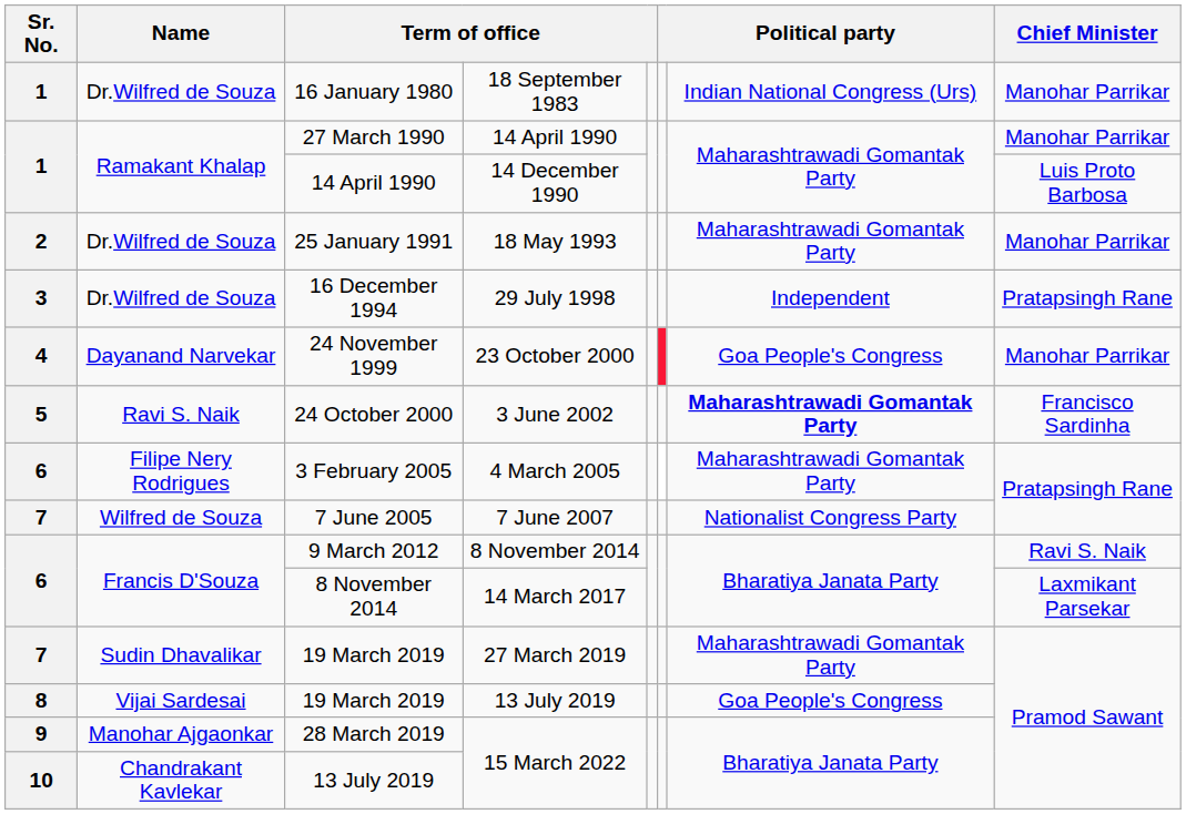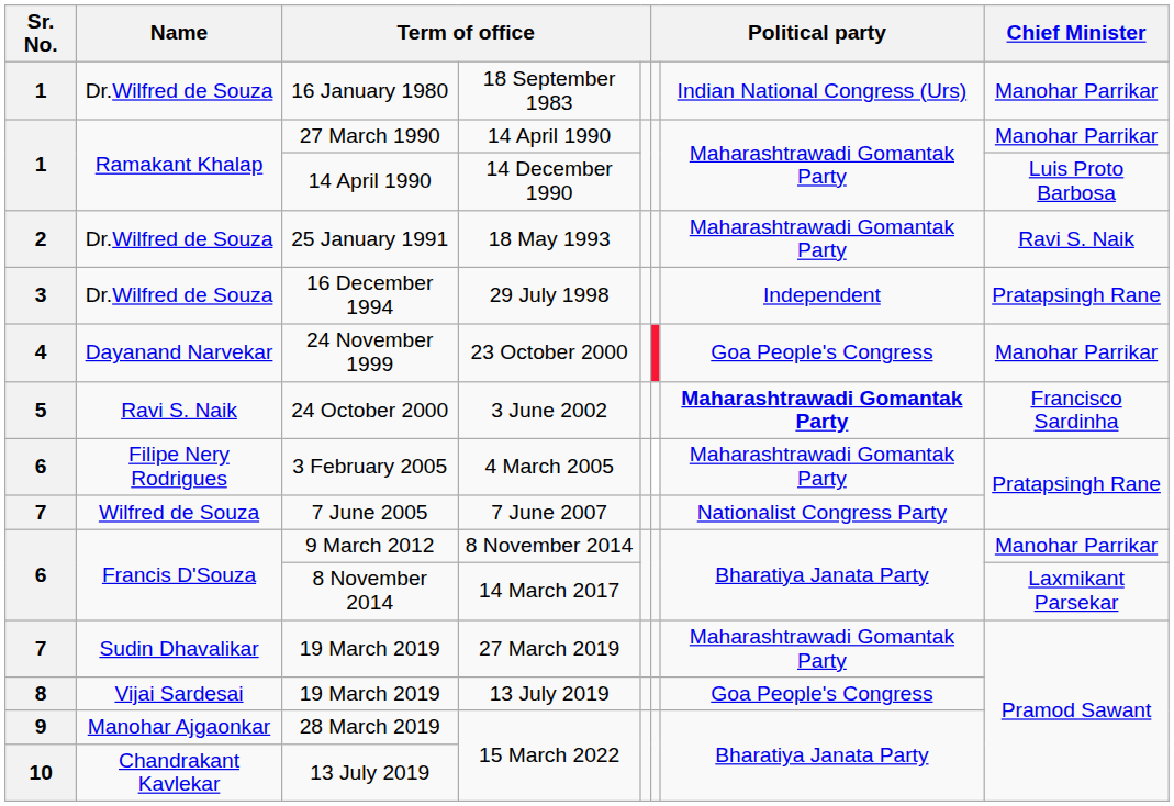 <table class="wikitable" style="width:100%; text-align:center">
 <tr>
 <th>Sr. No.</th>
 <th>Name</th>
 <th colspan=3>Term of office</th>
 <th colspan=2>Political party</th>
 <th><a href='#'>Chief Minister</a></th>
 </tr>
 <tr>
 <th>1</th>
 <td>Dr.<a href='#'>Wilfred de Souza</a></td>
 <td>16 January 1980</td>
 <td>18 September 1983</td>
 <td></td>
 <td></td>
 <td><a href='#'>Indian National Congress (Urs)</a></td>
 <td><a href='#'>Manohar Parrikar</a></td>
 </tr>
 <tr>
 <th rowspan=2>1</th>
 <td rowspan=2><a href='#'>Ramakant Khalap</a></td>
 <td>27 March 1990</td>
 <td>14 April 1990</td>
 <td rowspan=2></td>
 <td rowspan=2></td>
 <td rowspan=2><a href='#'>Maharashtrawadi Gomantak Party</a></td>
 <td><a href='#'>Manohar Parrikar</a></td>
 </tr>
 <tr>
 <td>14 April 1990</td>
 <td>14 December 1990</td>
 <td><a href='#'>Luis Proto Barbosa</a></td>
 </tr>
 <tr>
 <th>2</th>
 <td>Dr.<a href='#'>Wilfred de Souza</a></td>
 <td>25 January 1991</td>
 <td>18 May 1993</td>
 <td></td>
 <td></td>
 <td><a href='#'>Maharashtrawadi Gomantak Party</a></td>
-<td><a href='#'>Manohar Parrikar</a></td>
+<td><a href='#'>Ravi S. Naik</a></td>
 </tr>
 <tr>
 <th>3</th>
 <td>Dr.<a href='#'>Wilfred de Souza</a></td>
 <td>16 December 1994</td>
 <td>29 July 1998</td>
 <td></td>
 <td></td>
 <td><a href='#'>Independent</a></td>
 <td><a href='#'>Pratapsingh Rane</a></td>
 </tr>
 <tr>
 <th>4</th>
 <td><a href='#'>Dayanand Narvekar</a></td>
 <td>24 November 1999</td>
 <td>23 October 2000</td>
 <td></td>
 <td bgcolor=#FA1635></td>
 <td><a href='#'>Goa People's Congress</a></td>
 <td><a href='#'>Manohar Parrikar</a></td>
 </tr>
 <tr>
 <th>5</th>
 <td><a href='#'>Ravi S. Naik</a></td>
 <td>24 October 2000</td>
 <td>3 June 2002</td>
 <td></td>
 <td></td>
 <td><strong><a href='#'>Maharashtrawadi Gomantak Party</a></strong></td>
 <td><a href='#'>Francisco Sardinha</a></td>
 </tr>
 <tr>
 <th>6</th>
 <td><a href='#'>Filipe Nery Rodrigues</a></td>
 <td>3 February 2005</td>
 <td>4 March 2005</td>
 <td></td>
 <td bgcolor=white></td>
 <td><a href='#'>Maharashtrawadi Gomantak Party</a></td>
 <td rowspan=2><a href='#'>Pratapsingh Rane</a></td>
 </tr>
 <tr>
 <th>7</th>
 <td><a href='#'>Wilfred de Souza</a></td>
 <td>7 June 2005</td>
 <td>7 June 2007</td>
 <td></td>
 <td></td>
 <td><a href='#'>Nationalist Congress Party</a></td>
 </tr>
 <tr>
 <th rowspan=2>6</th>
 <td rowspan=2><a href='#'>Francis D'Souza</a></td>
 <td>9 March 2012</td>
 <td>8 November 2014</td>
 <td rowspan=2></td>
 <td rowspan=2></td>
 <td rowspan=2><a href='#'>Bharatiya Janata Party</a></td>
-<td><a href='#'>Ravi S. Naik</a></td>
+<td><a href='#'>Manohar Parrikar</a></td>
 </tr>
 <tr>
 <td>8 November 2014</td>
 <td>14 March 2017</td>
 <td><a href='#'>Laxmikant Parsekar</a></td>
 </tr>
 <tr>
 <th>7</th>
 <td><a href='#'>Sudin Dhavalikar</a></td>
 <td>19 March 2019</td>
 <td>27 March 2019</td>
 <td></td>
 <td></td>
 <td><a href='#'>Maharashtrawadi Gomantak Party</a></td>
 <td rowspan=4><a href='#'>Pramod Sawant</a></td>
 </tr>
 <tr>
 <th>8</th>
 <td><a href='#'>Vijai Sardesai</a></td>
 <td>19 March 2019</td>
 <td>13 July 2019</td>
 <td></td>
 <td></td>
 <td><a href='#'>Goa People's Congress</a></td>
 </tr>
 <tr>
 <th>9</th>
 <td><a href='#'>Manohar Ajgaonkar</a></td>
 <td>28 March 2019</td>
 <td rowspan=2>15 March 2022</td>
 <td rowspan=2></td>
 <td rowspan=2></td>
 <td rowspan=2><a href='#'>Bharatiya Janata Party</a></td>
 </tr>
 <tr>
 <th>10</th>
 <td><a href='#'>Chandrakant Kavlekar</a></td>
 <td>13 July 2019</td>
 </tr>
 </table>
